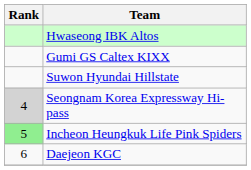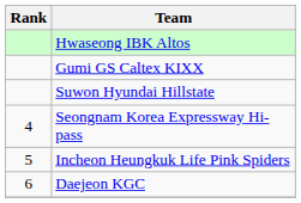 <table class="wikitable" style="text-align: center;">
 <tr>
 <th width=40>Rank</th>
 <th width=240>Team</th>
 </tr>
 <tr bgcolor=#ccffcc>
 <td></td>
 <td align=left><a href='#'>Hwaseong IBK Altos</a></td>
 </tr>
 <tr>
 <td></td>
 <td align=left><a href='#'>Gumi GS Caltex KIXX</a></td>
 </tr>
 <tr>
 <td></td>
 <td align=left><a href='#'>Suwon Hyundai Hillstate</a></td>
 </tr>
 <tr>
-<td style="background: lightgrey;">4</td>
+<td>4</td>
 <td align=left><a href='#'>Seongnam Korea Expressway Hi-pass</a></td>
 </tr>
 <tr>
-<td style="background: lightgreen;">5</td>
+<td>5</td>
 <td align=left><a href='#'>Incheon Heungkuk Life Pink Spiders</a></td>
 </tr>
 <tr>
 <td>6</td>
 <td align=left><a href='#'>Daejeon KGC</a></td>
 </tr>
 <tr>
 </tr>
 </table>
